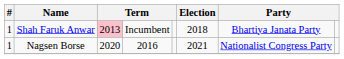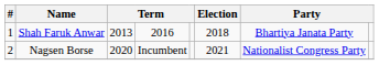 <table class="wikitable">
 <tr style="text-align:center">
 <th>#</th>
 <th>Name</th>
 <th colspan="3">Term</th>
 <th>Election</th>
 <th colspan="2">Party</th>
 </tr>
 <tr style="text-align:center">
 <td>1</td>
 <td><a href='#'>Shah Faruk Anwar</a></td>
-<td style="background: pink;">2013</td>
-<td>Incumbent</td>
+<td>2013</td>
+<td>2016</td>
 <td></td>
 <td>2018</td>
 <td rowspan="1"><a href='#'>Bhartiya Janata Party</a></td>
 <td rowspan="1"></td>
 </tr>
 <tr style="text-align:center">
-<td>1</td>
+<td>2</td>
 <td>Nagsen Borse</td>
 <td>2020</td>
-<td>2016</td>
+<td>Incumbent</td>
 <td></td>
 <td rowspan="1">2021</td>
 <td rowspan="1"><a href='#'>Nationalist Congress Party</a></td>
 <td rowspan="1"></td>
 </tr>
 <tr style="text-align:center">
 </tr>
 </table>
